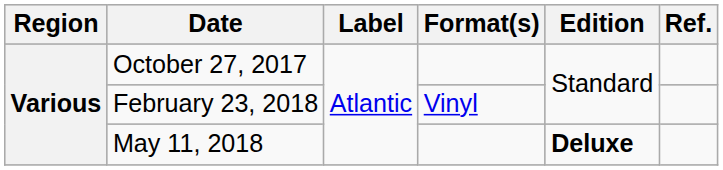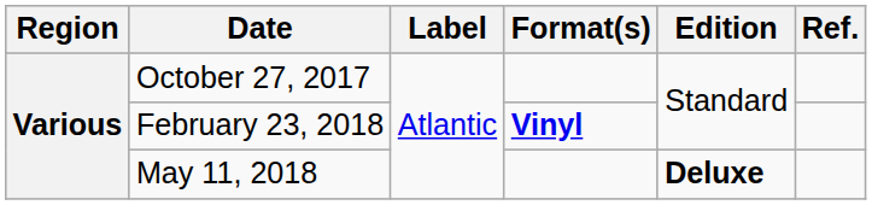 <table class="wikitable plainrowheaders">
 <tr>
 <th scope="col">Region</th>
 <th scope="col">Date</th>
 <th scope="col">Label</th>
 <th scope="col">Format(s)</th>
 <th scope="col">Edition</th>
 <th scope="col">Ref.</th>
 </tr>
 <tr>
 <th scope="row" rowspan="3">Various</th>
 <td>October 27, 2017</td>
 <td rowspan="3"><a href='#'>Atlantic</a></td>
 <td></td>
 <td rowspan="2">Standard</td>
 <td></td>
 </tr>
 <tr>
 <td>February 23, 2018</td>
-<td><a href='#'>Vinyl</a></td>
+<td><strong><a href='#'>Vinyl</a></strong></td>
 <td></td>
 </tr>
 <tr>
 <td>May 11, 2018</td>
 <td></td>
 <td><strong>Deluxe</strong></td>
 <td></td>
 </tr>
 </table>
